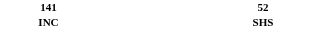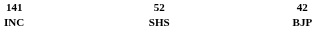 <table style="width:100%; text-align:center;">
 <tr>
 <td style="background:"><strong>141</strong></td>
 <td style="background:"><strong>52</strong></td>
+<td style="background:"><strong>42</strong></td>
 </tr>
 <tr>
 <td><span><strong>INC</strong></span></td>
 <td><span><strong>SHS</strong></span></td>
+<td><span><strong>BJP</strong></span></td>
 </tr>
 </table>
